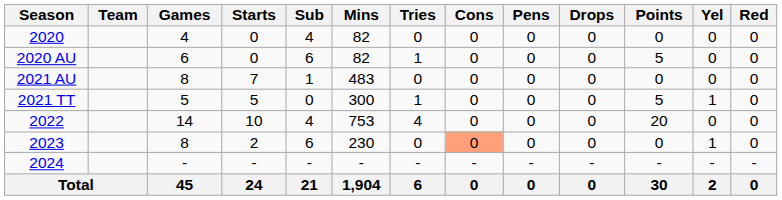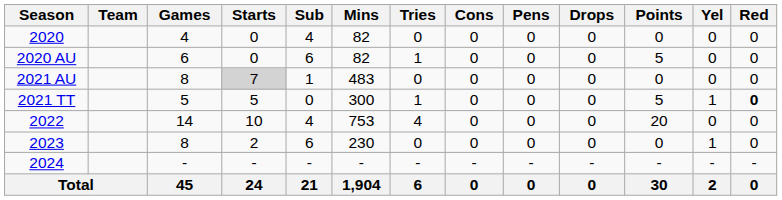 <table class="wikitable" style="text-align:center; line-height:90%; font-size:95%; width:60%;">
 <tr>
 <th>Season</th>
 <th>Team</th>
 <th>Games</th>
 <th>Starts</th>
 <th>Sub</th>
 <th>Mins</th>
 <th>Tries</th>
 <th>Cons</th>
 <th>Pens</th>
 <th>Drops</th>
 <th>Points</th>
 <th>Yel</th>
 <th>Red</th>
 </tr>
 <tr>
 <td><a href='#'>2020</a></td>
 <td></td>
 <td>4</td>
 <td>0</td>
 <td>4</td>
 <td>82</td>
 <td>0</td>
 <td>0</td>
 <td>0</td>
 <td>0</td>
 <td>0</td>
 <td>0</td>
 <td>0</td>
 </tr>
 <tr>
 <td><a href='#'>2020 AU</a></td>
 <td></td>
 <td>6</td>
 <td>0</td>
 <td>6</td>
 <td>82</td>
 <td>1</td>
 <td>0</td>
 <td>0</td>
 <td>0</td>
 <td>5</td>
 <td>0</td>
 <td>0</td>
 </tr>
 <tr>
 <td><a href='#'>2021 AU</a></td>
 <td></td>
 <td>8</td>
-<td>7</td>
+<td style="background: lightgrey;">7</td>
 <td>1</td>
 <td>483</td>
 <td>0</td>
 <td>0</td>
 <td>0</td>
 <td>0</td>
 <td>0</td>
 <td>0</td>
 <td>0</td>
 </tr>
 <tr>
 <td><a href='#'>2021 TT</a></td>
 <td></td>
 <td>5</td>
 <td>5</td>
 <td>0</td>
 <td>300</td>
 <td>1</td>
 <td>0</td>
 <td>0</td>
 <td>0</td>
 <td>5</td>
 <td>1</td>
-<td>0</td>
+<td><strong>0</strong></td>
 </tr>
 <tr>
 <td><a href='#'>2022</a></td>
 <td></td>
 <td>14</td>
 <td>10</td>
 <td>4</td>
 <td>753</td>
 <td>4</td>
 <td>0</td>
 <td>0</td>
 <td>0</td>
 <td>20</td>
 <td>0</td>
 <td>0</td>
 </tr>
 <tr>
 <td><a href='#'>2023</a></td>
 <td></td>
 <td>8</td>
 <td>2</td>
 <td>6</td>
 <td>230</td>
 <td>0</td>
-<td style="background: lightsalmon;">0</td>
+<td>0</td>
 <td>0</td>
 <td>0</td>
 <td>0</td>
 <td>1</td>
 <td>0</td>
 </tr>
 <tr>
 <td><a href='#'>2024</a></td>
 <td></td>
 <td>-</td>
 <td>-</td>
 <td>-</td>
 <td>-</td>
 <td>-</td>
 <td>-</td>
 <td>-</td>
 <td>-</td>
 <td>-</td>
 <td>-</td>
 <td>-</td>
 </tr>
 <tr>
 <th colspan="2">Total</th>
 <th>45</th>
 <th>24</th>
 <th>21</th>
 <th>1,904</th>
 <th>6</th>
 <th>0</th>
 <th>0</th>
 <th>0</th>
 <th>30</th>
 <th>2</th>
 <th>0</th>
 </tr>
 </table>
